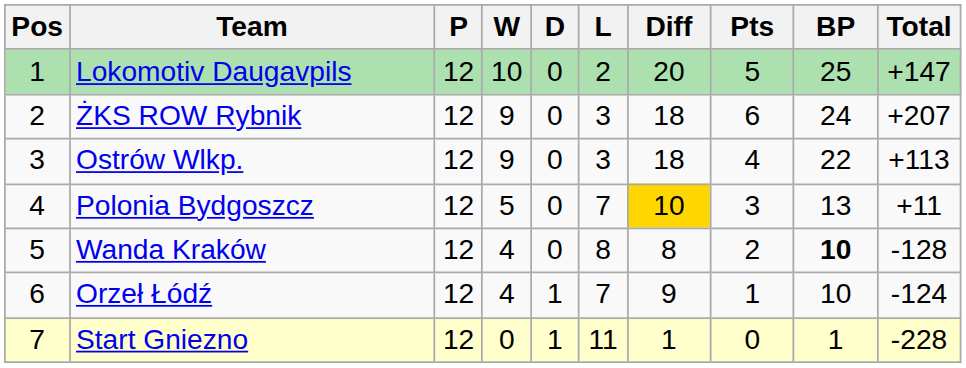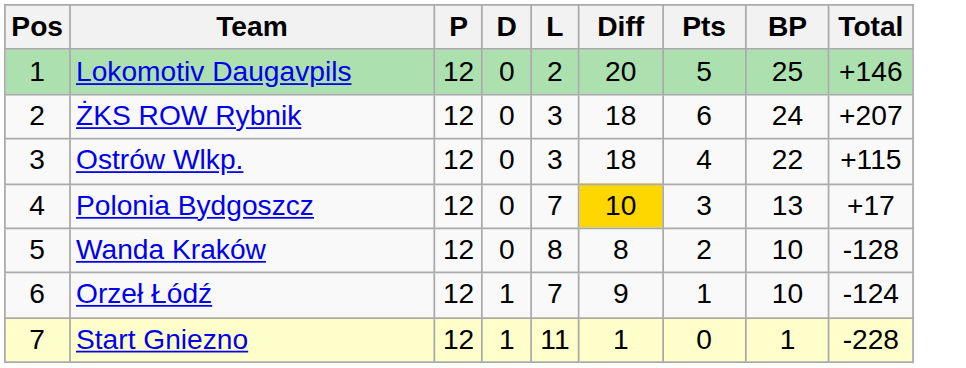 <table class="wikitable" style="font-size: 100%">
 <tr>
 <th width=20>Pos</th>
 <th width=200>Team</th>
 <th width=20>P</th>
-<th width=20>W</th>
 <th width=20>D</th>
 <th width=20>L</th>
 <th width=40>Diff</th>
 <th width=40>Pts</th>
 <th width=40>BP</th>
 <th width=40>Total</th>
 </tr>
 <tr align=center style="background:#ACE1AF;">
 <td>1</td>
 <td align="left"><a href='#'>Lokomotiv Daugavpils</a> </td>
 <td>12</td>
-<td>10</td>
 <td>0</td>
 <td>2</td>
 <td>20</td>
 <td>5</td>
 <td>25</td>
-<td>+147</td>
+<td>+146</td>
 </tr>
 <tr align=center>
 <td>2</td>
 <td align="left"><a href='#'>ŻKS ROW Rybnik</a></td>
 <td>12</td>
-<td>9</td>
 <td>0</td>
 <td>3</td>
 <td>18</td>
 <td>6</td>
 <td>24</td>
 <td>+207</td>
 </tr>
 <tr align=center>
 <td>3</td>
 <td align="left"><a href='#'>Ostrów Wlkp.</a></td>
 <td>12</td>
-<td>9</td>
 <td>0</td>
 <td>3</td>
 <td>18</td>
 <td>4</td>
 <td>22</td>
-<td>+113</td>
+<td>+115</td>
 </tr>
 <tr align=center>
 <td>4</td>
 <td align="left"><a href='#'>Polonia Bydgoszcz</a></td>
 <td>12</td>
-<td>5</td>
 <td>0</td>
 <td>7</td>
 <td style="background: gold;">10</td>
 <td>3</td>
 <td>13</td>
-<td>+11</td>
+<td>+17</td>
 </tr>
 <tr align=center>
 <td>5</td>
 <td align="left"><a href='#'>Wanda Kraków</a></td>
 <td>12</td>
-<td>4</td>
 <td>0</td>
 <td>8</td>
 <td>8</td>
 <td>2</td>
-<td><strong>10</strong></td>
+<td>10</td>
 <td>-128</td>
 </tr>
 <tr align=center>
 <td>6</td>
 <td align="left"><a href='#'>Orzeł Łódź</a></td>
 <td>12</td>
-<td>4</td>
 <td>1</td>
 <td>7</td>
 <td>9</td>
 <td>1</td>
 <td>10</td>
 <td>-124</td>
 </tr>
 <tr align=center style="background: #ffffcc;">
 <td>7</td>
 <td align="left"><a href='#'>Start Gniezno</a></td>
 <td>12</td>
-<td>0</td>
 <td>1</td>
 <td>11</td>
 <td>1</td>
 <td>0</td>
 <td>1</td>
 <td>-228</td>
 </tr>
 </table>
